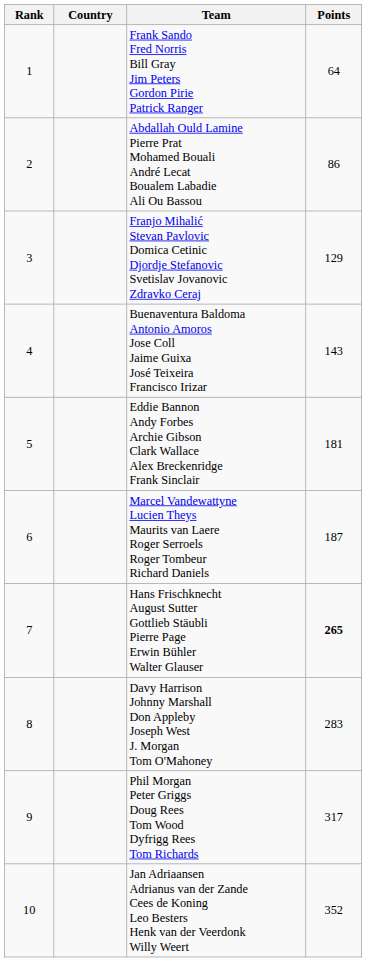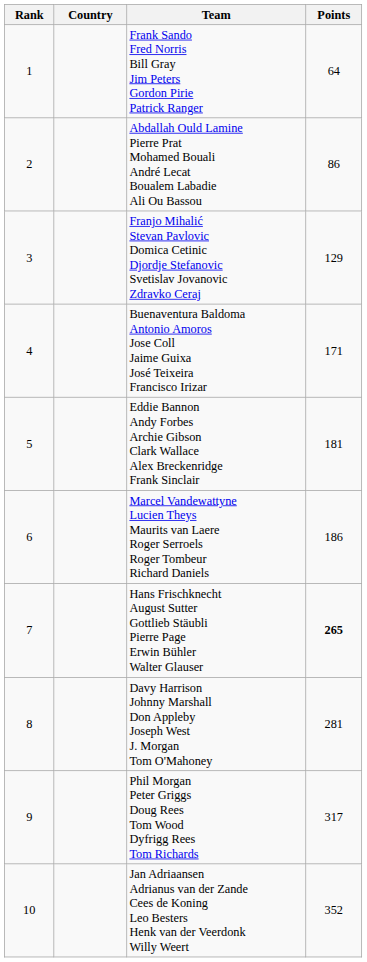 <table class="wikitable sortable" style=" text-align:center; font-size:95%;" width="50%">
 <tr>
 <th>Rank</th>
 <th>Country</th>
 <th>Team</th>
 <th>Points</th>
 </tr>
 <tr>
 <td align=center>1</td>
 <td align=left></td>
 <td align=left><a href='#'>Frank Sando</a><br><a href='#'>Fred Norris</a><br>Bill Gray<br><a href='#'>Jim Peters</a><br><a href='#'>Gordon Pirie</a><br><a href='#'>Patrick Ranger</a></td>
 <td>64</td>
 </tr>
 <tr>
 <td align=center>2</td>
 <td align=left></td>
 <td align=left><a href='#'>Abdallah Ould Lamine</a><br>Pierre Prat<br>Mohamed Bouali<br>André Lecat<br>Boualem Labadie<br>Ali Ou Bassou</td>
 <td>86</td>
 </tr>
 <tr>
 <td align=center>3</td>
 <td align=left></td>
 <td align=left><a href='#'>Franjo Mihalić</a><br><a href='#'>Stevan Pavlovic</a><br>Domica Cetinic<br><a href='#'>Djordje Stefanovic</a><br>Svetislav Jovanovic<br><a href='#'>Zdravko Ceraj</a></td>
 <td>129</td>
 </tr>
 <tr>
 <td align=center>4</td>
 <td align=left></td>
 <td align=left>Buenaventura Baldoma<br><a href='#'>Antonio Amoros</a><br>Jose Coll<br>Jaime Guixa<br>José Teixeira<br>Francisco Irizar</td>
-<td>143</td>
+<td>171</td>
 </tr>
 <tr>
 <td align=center>5</td>
 <td align=left></td>
 <td align=left>Eddie Bannon<br>Andy Forbes<br>Archie Gibson<br>Clark Wallace<br>Alex Breckenridge<br>Frank Sinclair</td>
 <td>181</td>
 </tr>
 <tr>
 <td align=center>6</td>
 <td align=left></td>
 <td align=left><a href='#'>Marcel Vandewattyne</a><br><a href='#'>Lucien Theys</a><br>Maurits van Laere<br>Roger Serroels<br>Roger Tombeur<br>Richard Daniels</td>
-<td>187</td>
+<td>186</td>
 </tr>
 <tr>
 <td align=center>7</td>
 <td align=left></td>
 <td align=left>Hans Frischknecht<br>August Sutter<br>Gottlieb Stäubli<br>Pierre Page<br>Erwin Bühler<br>Walter Glauser</td>
 <td><strong>265</strong></td>
 </tr>
 <tr>
 <td align=center>8</td>
 <td align=left></td>
 <td align=left>Davy Harrison<br>Johnny Marshall<br>Don Appleby<br>Joseph West<br>J. Morgan<br>Tom O'Mahoney</td>
-<td>283</td>
+<td>281</td>
 </tr>
 <tr>
 <td align=center>9</td>
 <td align=left></td>
 <td align=left>Phil Morgan<br>Peter Griggs<br>Doug Rees<br>Tom Wood<br>Dyfrigg Rees<br><a href='#'>Tom Richards</a></td>
 <td>317</td>
 </tr>
 <tr>
 <td align=center>10</td>
 <td align=left></td>
 <td align=left>Jan Adriaansen<br>Adrianus van der Zande<br>Cees de Koning<br>Leo Besters<br>Henk van der Veerdonk<br>Willy Weert</td>
 <td>352</td>
 </tr>
 </table>
